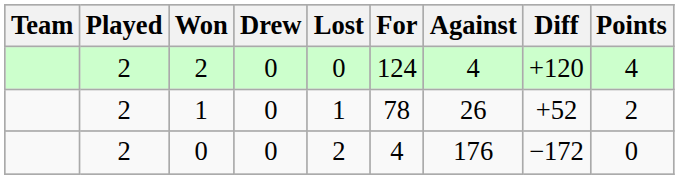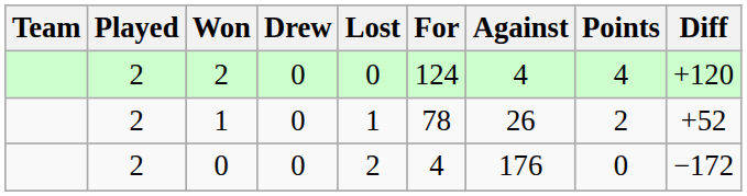 <table class="wikitable" style="text-align:center">
 <tr>
 <th>Team</th>
 <th>Played</th>
 <th>Won</th>
 <th>Drew</th>
 <th>Lost</th>
 <th>For</th>
 <th>Against</th>
+<th>Points</th>
 <th>Diff</th>
-<th>Points</th>
 </tr>
 <tr bgcolor="#ccffcc">
 <td align=left></td>
 <td>2</td>
 <td>2</td>
 <td>0</td>
 <td>0</td>
 <td>124</td>
 <td>4</td>
+<td>4</td>
 <td>+120</td>
-<td>4</td>
 </tr>
 <tr>
 <td align=left></td>
 <td>2</td>
 <td>1</td>
 <td>0</td>
 <td>1</td>
 <td>78</td>
 <td>26</td>
+<td>2</td>
 <td>+52</td>
-<td>2</td>
 </tr>
 <tr>
 <td align=left></td>
 <td>2</td>
 <td>0</td>
 <td>0</td>
 <td>2</td>
 <td>4</td>
 <td>176</td>
+<td>0</td>
 <td>−172</td>
-<td>0</td>
 </tr>
 </table>
